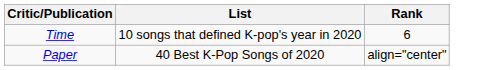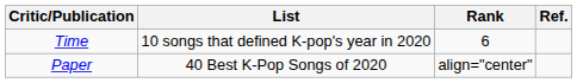 <table class="sortable wikitable">
 <tr>
 <th>Critic/Publication</th>
 <th>List</th>
 <th>Rank</th>
+<th>Ref.</th>
 </tr>
 <tr>
 <td align="center"><em><a href='#'>Time</a></em></td>
 <td align="center">10 songs that defined K-pop's year in 2020</td>
 <td align="center">6</td>
+<td></td>
 </tr>
 <tr>
 <td align="center"><a href='#'><em>Paper</em></a></td>
 <td align="center">40 Best K-Pop Songs of 2020</td>
 <td>align="center" </td>
+<td></td>
 </tr>
 </table>
